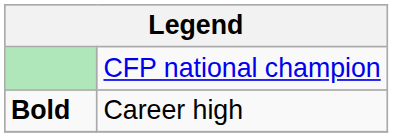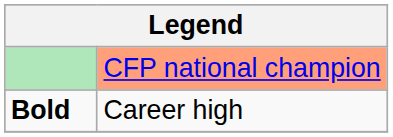 <table class="wikitable mw-collapsible">
 <tr>
 <th colspan="2">Legend</th>
 </tr>
 <tr>
 <td style="background:#afe6ba; width:3em;"></td>
-<td><a href='#'>CFP national champion</a></td>
+<td style="background: lightsalmon;"><a href='#'>CFP national champion</a></td>
 </tr>
 <tr>
 <td><strong>Bold</strong></td>
 <td>Career high</td>
 </tr>
 <tr>
 </tr>
 </table>
